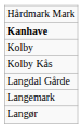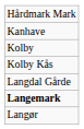 <table class="wikitable" style="float:left; margin-right:1em">
 <tr>
 <td>Hårdmark Mark</td>
 </tr>
 <tr>
-<td><strong>Kanhave</strong></td>
+<td>Kanhave</td>
 </tr>
 <tr>
 <td>Kolby</td>
 </tr>
 <tr>
 <td>Kolby Kås</td>
 </tr>
 <tr>
 <td>Langdal Gårde</td>
 </tr>
 <tr>
-<td>Langemark</td>
+<td><strong>Langemark</strong></td>
 </tr>
 <tr>
 <td>Langør</td>
 </tr>
 </table>
